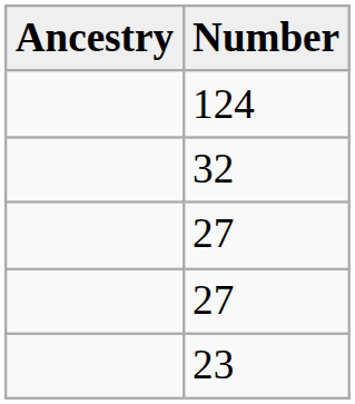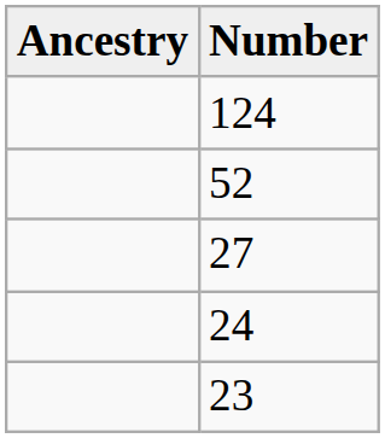 <table style="float: center;" class="wikitable">
 <tr>
 <th style="background:#efefef;">Ancestry</th>
 <th style="background:#efefef;">Number</th>
 </tr>
 <tr>
 <td></td>
 <td>124</td>
 </tr>
 <tr>
 <td></td>
-<td>32</td>
+<td>52</td>
 </tr>
 <tr>
 <td></td>
 <td>27</td>
 </tr>
 <tr>
 <td></td>
-<td>27</td>
+<td>24</td>
 </tr>
 <tr>
 <td></td>
 <td>23</td>
 </tr>
 </table>
